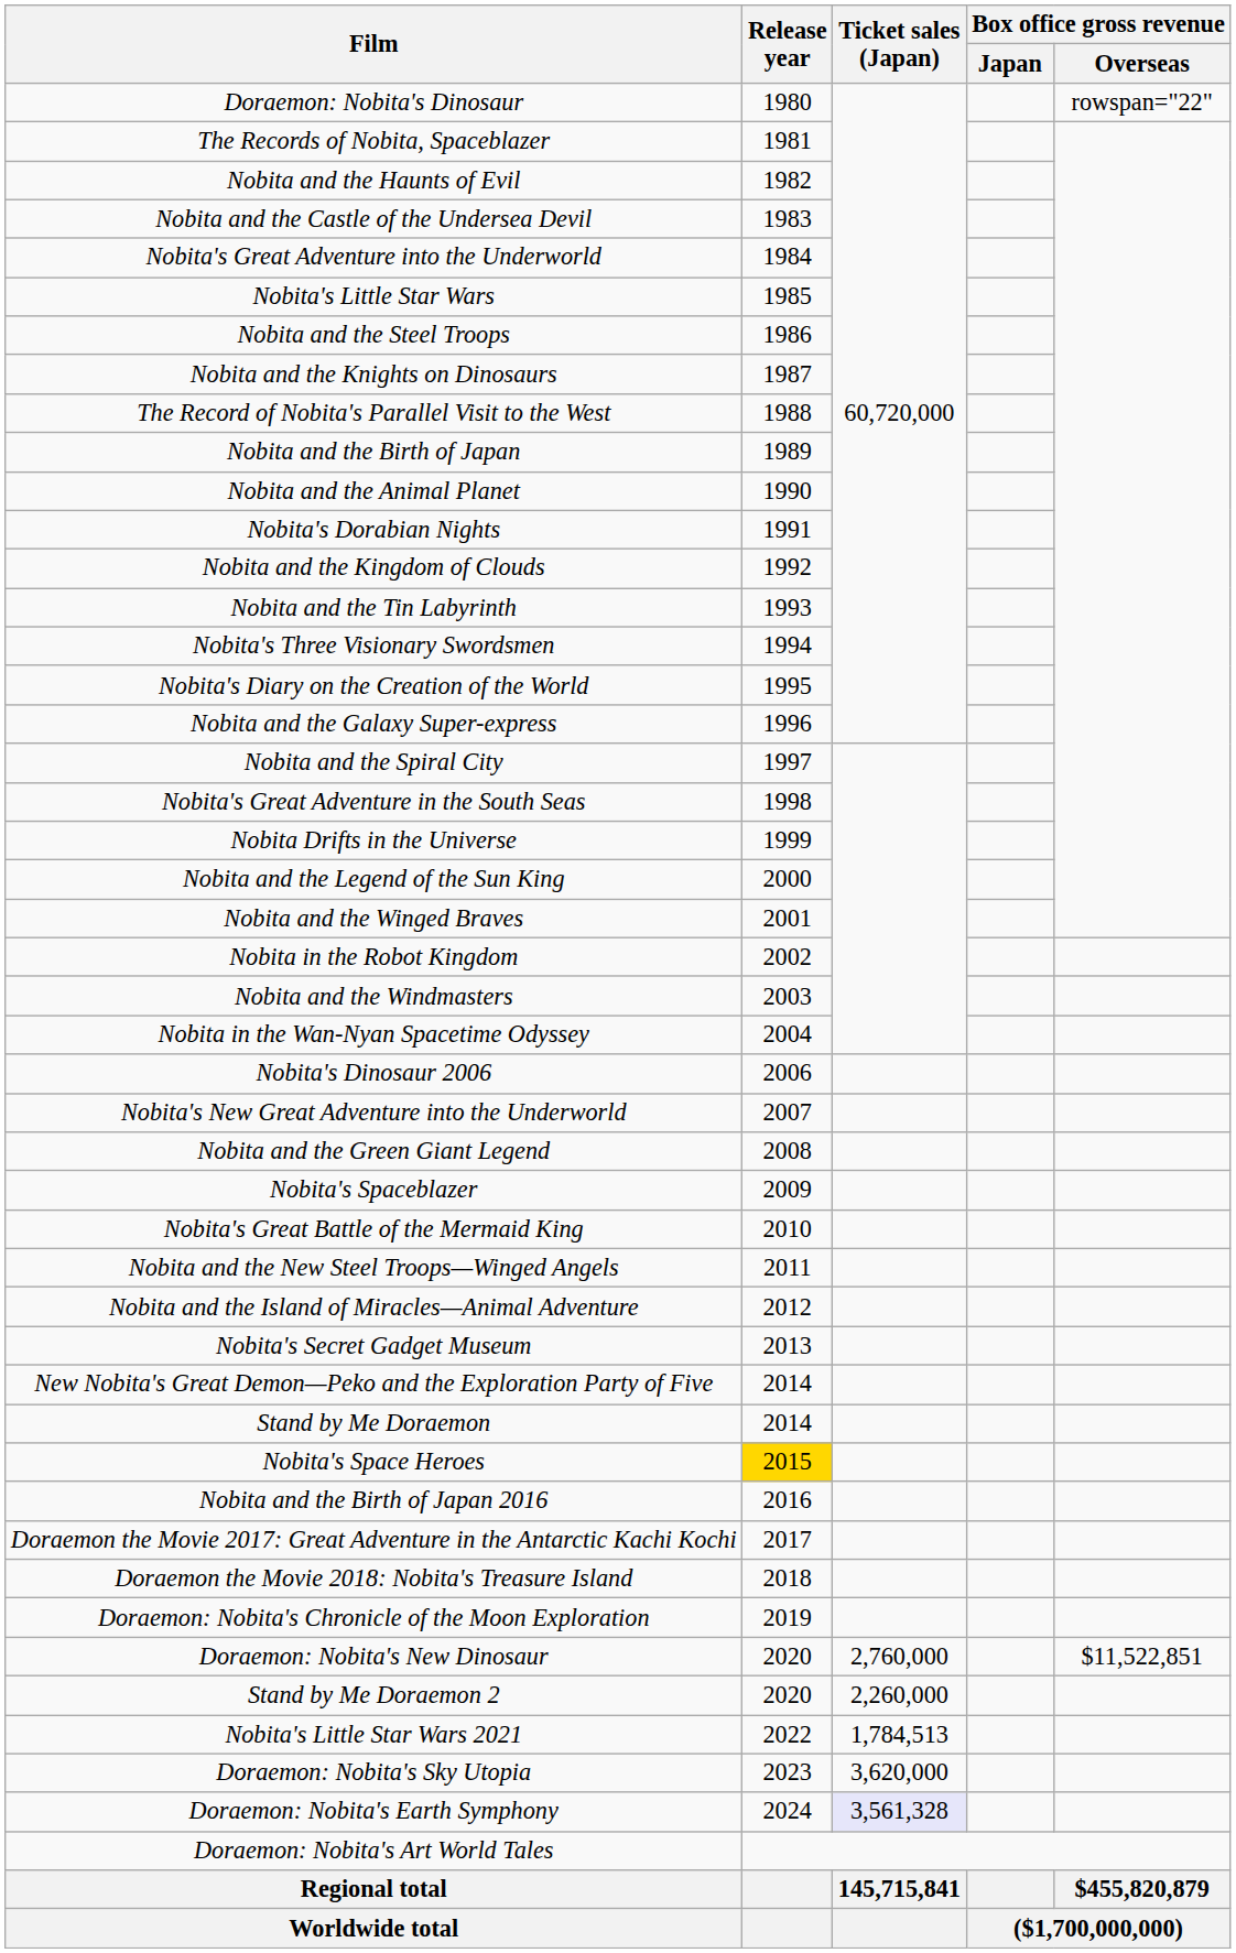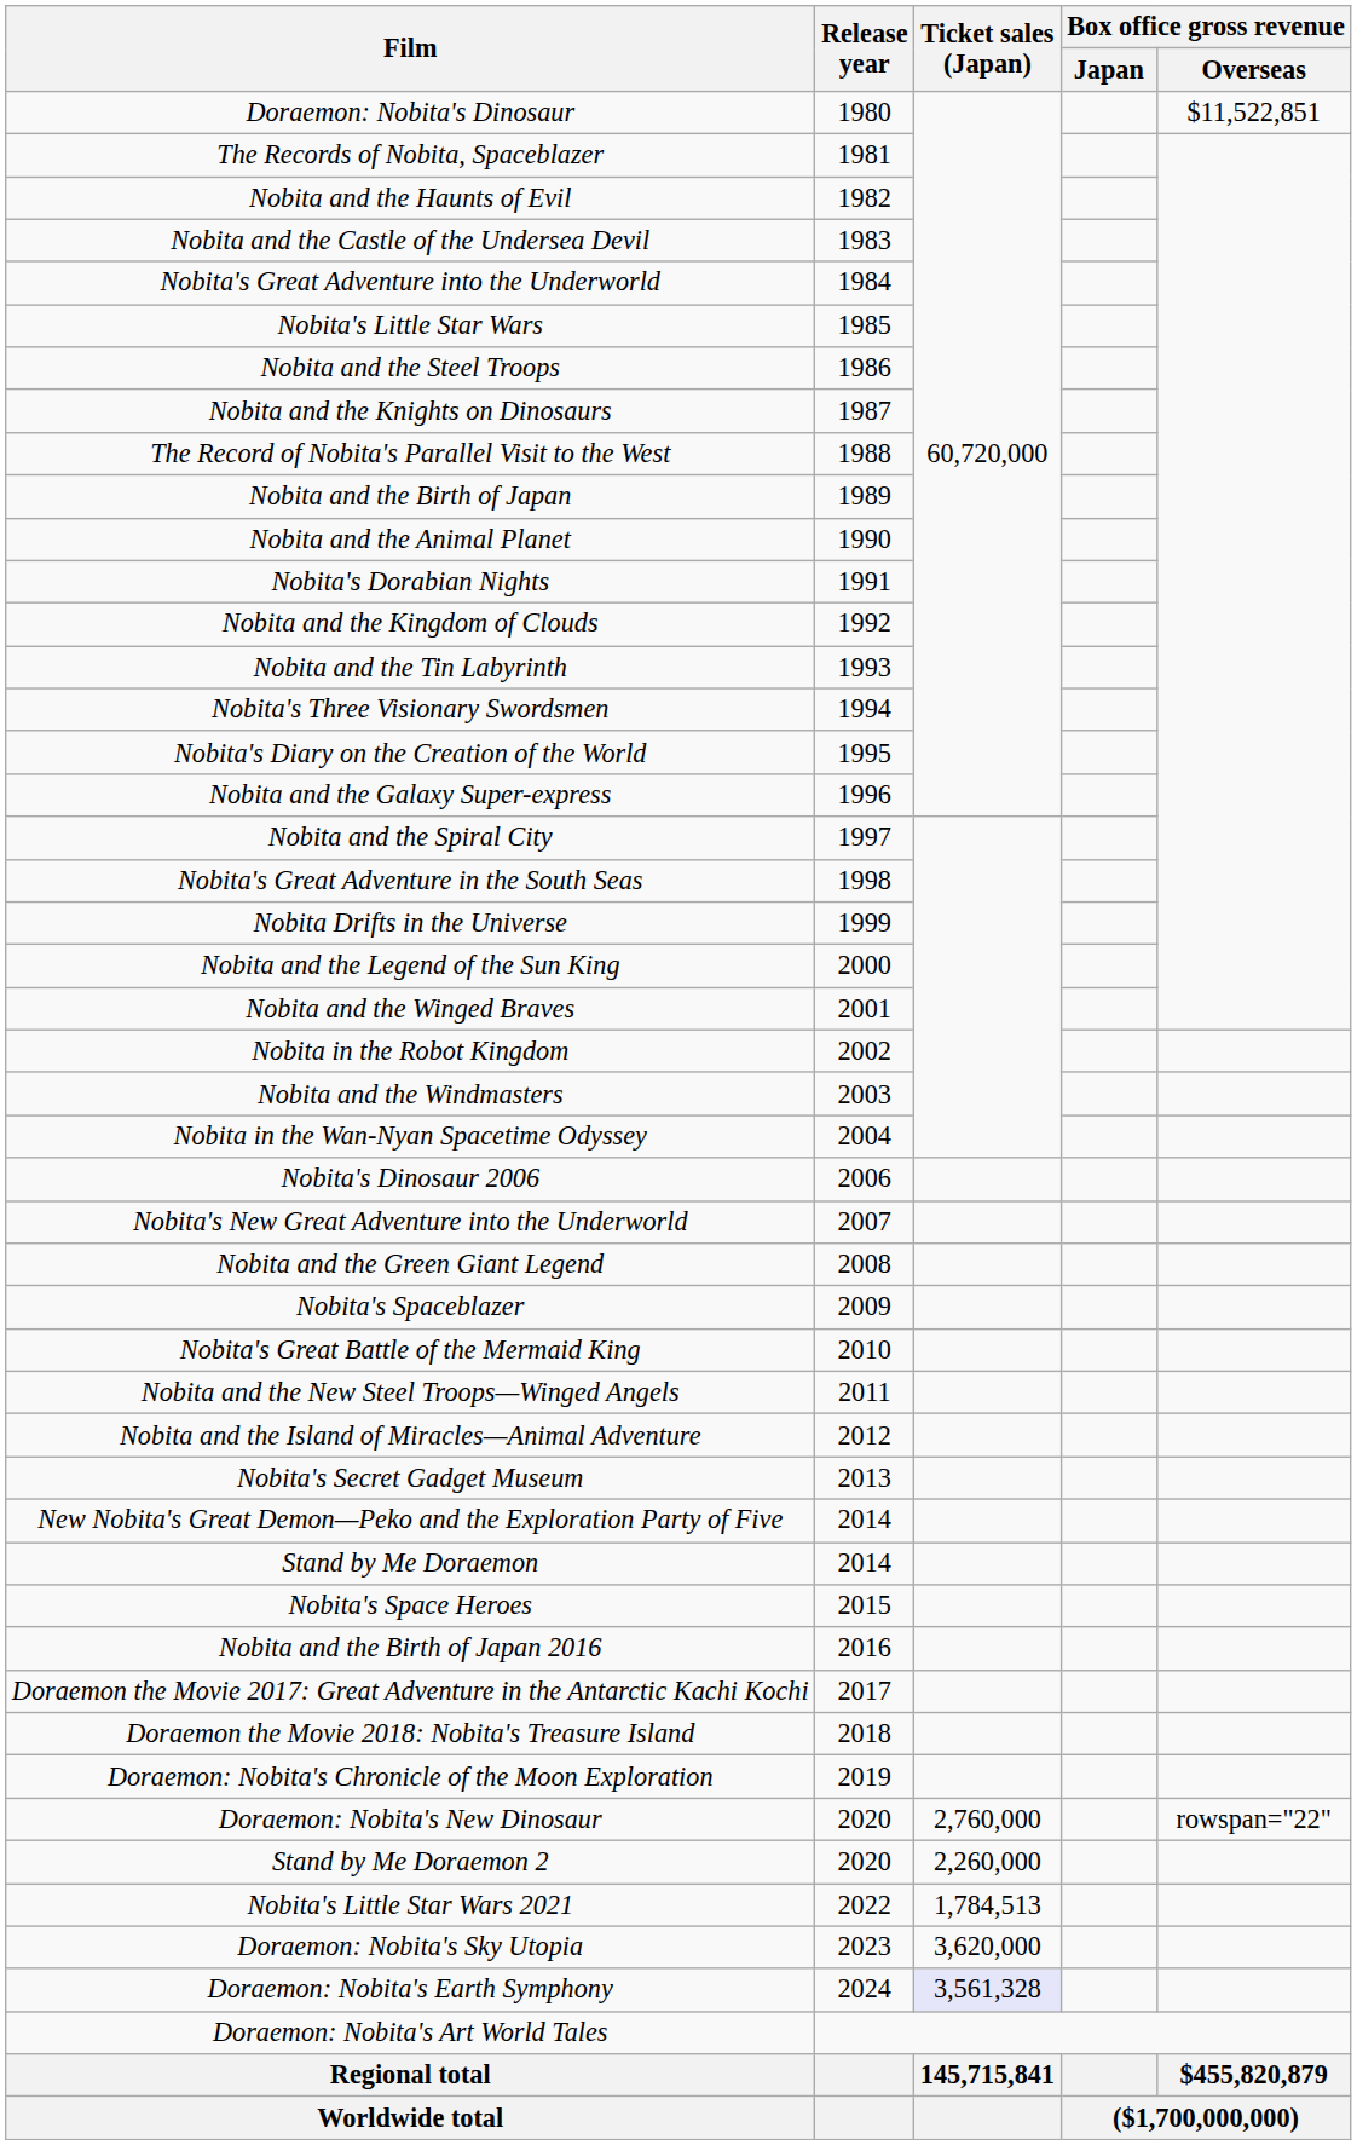 <table class="wikitable sortable plainrowheaders" style="text-align:center">
 <tr>
 <th scope="col" rowspan="2">Film</th>
 <th scope="col" rowspan="2">Release <br> year</th>
 <th scope="col" rowspan="2">Ticket sales <br> (Japan)</th>
 <th scope="col" colspan="2">Box office gross revenue</th>
 </tr>
 <tr>
 <th scope="col">Japan</th>
 <th scope="col">Overseas</th>
 </tr>
 <tr>
 <td><em>Doraemon: Nobita's Dinosaur</em></td>
 <td>1980</td>
 <td rowspan="17">60,720,000</td>
 <td></td>
-<td>rowspan="22" </td>
+<td>$11,522,851</td>
 </tr>
 <tr>
 <td><em>The Records of Nobita, Spaceblazer</em></td>
 <td>1981</td>
 <td></td>
 </tr>
 <tr>
 <td><em>Nobita and the Haunts of Evil</em></td>
 <td>1982</td>
 <td></td>
 </tr>
 <tr>
 <td><em>Nobita and the Castle of the Undersea Devil</em></td>
 <td>1983</td>
 <td></td>
 </tr>
 <tr>
 <td><em>Nobita's Great Adventure into the Underworld</em></td>
 <td>1984</td>
 <td></td>
 </tr>
 <tr>
 <td><em>Nobita's Little Star Wars</em></td>
 <td>1985</td>
 <td></td>
 </tr>
 <tr>
 <td><em>Nobita and the Steel Troops</em></td>
 <td>1986</td>
 <td></td>
 </tr>
 <tr>
 <td><em>Nobita and the Knights on Dinosaurs</em></td>
 <td>1987</td>
 <td></td>
 </tr>
 <tr>
 <td><em>The Record of Nobita's Parallel Visit to the West</em></td>
 <td>1988</td>
 <td></td>
 </tr>
 <tr>
 <td><em>Nobita and the Birth of Japan</em></td>
 <td>1989</td>
 <td></td>
 </tr>
 <tr>
 <td><em>Nobita and the Animal Planet</em></td>
 <td>1990</td>
 <td></td>
 </tr>
 <tr>
 <td><em>Nobita's Dorabian Nights</em></td>
 <td>1991</td>
 <td></td>
 </tr>
 <tr>
 <td><em>Nobita and the Kingdom of Clouds</em></td>
 <td>1992</td>
 <td></td>
 </tr>
 <tr>
 <td><em>Nobita and the Tin Labyrinth</em></td>
 <td>1993</td>
 <td></td>
 </tr>
 <tr>
 <td><em>Nobita's Three Visionary Swordsmen</em></td>
 <td>1994</td>
 <td></td>
 </tr>
 <tr>
 <td><em>Nobita's Diary on the Creation of the World</em></td>
 <td>1995</td>
 <td></td>
 </tr>
 <tr>
 <td><em>Nobita and the Galaxy Super-express</em></td>
 <td>1996</td>
 <td></td>
 </tr>
 <tr>
 <td><em>Nobita and the Spiral City</em></td>
 <td>1997</td>
 <td rowspan="8"></td>
 <td></td>
 </tr>
 <tr>
 <td><em>Nobita's Great Adventure in the South Seas</em></td>
 <td>1998</td>
 <td></td>
 </tr>
 <tr>
 <td><em>Nobita Drifts in the Universe</em></td>
 <td>1999</td>
 <td></td>
 </tr>
 <tr>
 <td><em>Nobita and the Legend of the Sun King</em></td>
 <td>2000</td>
 <td></td>
 </tr>
 <tr>
 <td><em>Nobita and the Winged Braves</em></td>
 <td>2001</td>
 <td></td>
 </tr>
 <tr>
 <td><em>Nobita in the Robot Kingdom</em></td>
 <td>2002</td>
 <td></td>
 <td></td>
 </tr>
 <tr>
 <td><em>Nobita and the Windmasters</em></td>
 <td>2003</td>
 <td></td>
 <td></td>
 </tr>
 <tr>
 <td><em>Nobita in the Wan-Nyan Spacetime Odyssey</em></td>
 <td>2004</td>
 <td></td>
 <td></td>
 </tr>
 <tr>
 <td><em>Nobita's Dinosaur 2006</em></td>
 <td>2006</td>
 <td></td>
 <td></td>
 <td></td>
 </tr>
 <tr>
 <td><em>Nobita's New Great Adventure into the Underworld</em></td>
 <td>2007</td>
 <td></td>
 <td></td>
 <td></td>
 </tr>
 <tr>
 <td><em>Nobita and the Green Giant Legend</em></td>
 <td>2008</td>
 <td></td>
 <td></td>
 <td></td>
 </tr>
 <tr>
 <td><em>Nobita's Spaceblazer</em></td>
 <td>2009</td>
 <td></td>
 <td></td>
 <td></td>
 </tr>
 <tr>
 <td><em>Nobita's Great Battle of the Mermaid King</em></td>
 <td>2010</td>
 <td></td>
 <td></td>
 <td></td>
 </tr>
 <tr>
 <td><em>Nobita and the New Steel Troops—Winged Angels</em></td>
 <td>2011</td>
 <td></td>
 <td></td>
 <td></td>
 </tr>
 <tr>
 <td><em>Nobita and the Island of Miracles—Animal Adventure</em></td>
 <td>2012</td>
 <td></td>
 <td></td>
 <td></td>
 </tr>
 <tr>
 <td><em>Nobita's Secret Gadget Museum</em></td>
 <td>2013</td>
 <td></td>
 <td></td>
 <td></td>
 </tr>
 <tr>
 <td><em>New Nobita's Great Demon—Peko and the Exploration Party of Five</em></td>
 <td>2014</td>
 <td></td>
 <td></td>
 <td></td>
 </tr>
 <tr>
 <td><em>Stand by Me Doraemon</em></td>
 <td>2014</td>
 <td></td>
 <td></td>
 <td></td>
 </tr>
 <tr>
 <td><em>Nobita's Space Heroes</em></td>
-<td style="background: gold;">2015</td>
+<td>2015</td>
 <td></td>
 <td></td>
 <td></td>
 </tr>
 <tr>
 <td><em>Nobita and the Birth of Japan 2016</em></td>
 <td>2016</td>
 <td></td>
 <td></td>
 <td></td>
 </tr>
 <tr>
 <td><em>Doraemon the Movie 2017: Great Adventure in the Antarctic Kachi Kochi</em></td>
 <td>2017</td>
 <td></td>
 <td></td>
 <td></td>
 </tr>
 <tr>
 <td><em>Doraemon the Movie 2018: Nobita's Treasure Island</em></td>
 <td>2018</td>
 <td></td>
 <td></td>
 <td></td>
 </tr>
 <tr>
 <td><em>Doraemon: Nobita's Chronicle of the Moon Exploration</em></td>
 <td>2019</td>
 <td></td>
 <td></td>
 <td></td>
 </tr>
 <tr>
 <td><em>Doraemon: Nobita's New Dinosaur</em></td>
 <td>2020</td>
 <td>2,760,000</td>
 <td></td>
-<td>$11,522,851</td>
+<td>rowspan="22" </td>
 </tr>
 <tr>
 <td><em>Stand by Me Doraemon 2</em></td>
 <td>2020</td>
 <td>2,260,000</td>
 <td></td>
 <td></td>
 </tr>
 <tr>
 <td><em>Nobita's Little Star Wars 2021</em></td>
 <td>2022</td>
 <td>1,784,513</td>
 <td></td>
 <td></td>
 </tr>
 <tr>
 <td><em>Doraemon: Nobita's Sky Utopia</em></td>
 <td>2023</td>
 <td>3,620,000</td>
 <td></td>
 <td></td>
 </tr>
 <tr>
 <td><em>Doraemon: Nobita's Earth Symphony</em></td>
 <td>2024</td>
 <td style="background: lavender;">3,561,328</td>
 <td></td>
 <td></td>
 </tr>
 <tr>
 <td><em>Doraemon: Nobita's Art World Tales</em></td>
 </tr>
 <tr>
 <th>Regional total</th>
 <th></th>
 <th>145,715,841</th>
 <th></th>
 <th>$455,820,879</th>
 </tr>
 <tr>
 <th>Worldwide total</th>
 <th></th>
 <th></th>
 <th colspan="2"> ($1,700,000,000)</th>
 </tr>
 </table>
